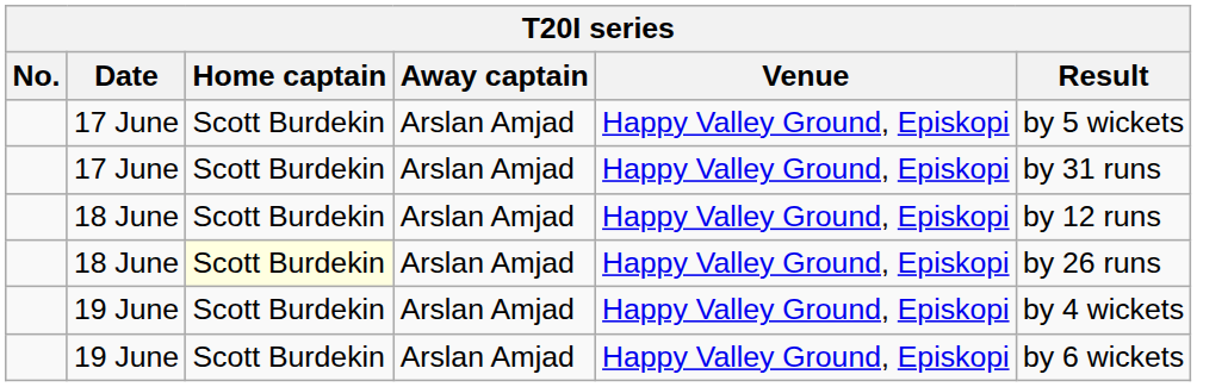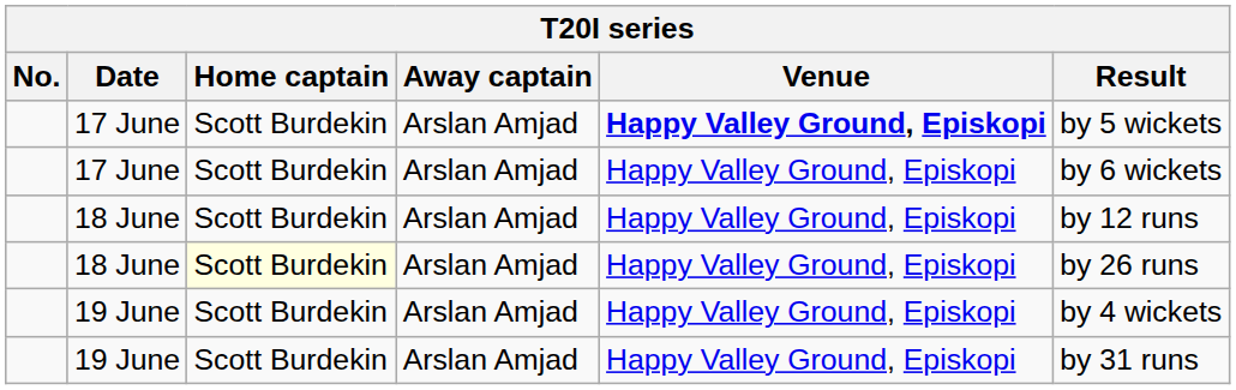 <table class="wikitable">
 <tr>
 <th colspan="9">T20I series</th>
 </tr>
 <tr>
 <th>No.</th>
 <th>Date</th>
 <th>Home captain</th>
 <th>Away captain</th>
 <th>Venue</th>
 <th>Result</th>
 </tr>
 <tr>
 <td></td>
 <td>17 June</td>
 <td>Scott Burdekin</td>
 <td>Arslan Amjad</td>
-<td><a href='#'>Happy Valley Ground</a>, <a href='#'>Episkopi</a></td>
+<td><strong><a href='#'>Happy Valley Ground</a>, <a href='#'>Episkopi</a></strong></td>
 <td> by 5 wickets</td>
 </tr>
 <tr>
 <td></td>
 <td>17 June</td>
 <td>Scott Burdekin</td>
 <td>Arslan Amjad</td>
 <td><a href='#'>Happy Valley Ground</a>, <a href='#'>Episkopi</a></td>
-<td> by 31 runs</td>
+<td> by 6 wickets</td>
 </tr>
 <tr>
 <td></td>
 <td>18 June</td>
 <td>Scott Burdekin</td>
 <td>Arslan Amjad</td>
 <td><a href='#'>Happy Valley Ground</a>, <a href='#'>Episkopi</a></td>
 <td> by 12 runs</td>
 </tr>
 <tr>
 <td></td>
 <td>18 June</td>
 <td style="background: lightyellow;">Scott Burdekin</td>
 <td>Arslan Amjad</td>
 <td><a href='#'>Happy Valley Ground</a>, <a href='#'>Episkopi</a></td>
 <td> by 26 runs</td>
 </tr>
 <tr>
 <td></td>
 <td>19 June</td>
 <td>Scott Burdekin</td>
 <td>Arslan Amjad</td>
 <td><a href='#'>Happy Valley Ground</a>, <a href='#'>Episkopi</a></td>
 <td> by 4 wickets</td>
 </tr>
 <tr>
 <td></td>
 <td>19 June</td>
 <td>Scott Burdekin</td>
 <td>Arslan Amjad</td>
 <td><a href='#'>Happy Valley Ground</a>, <a href='#'>Episkopi</a></td>
-<td> by 6 wickets</td>
+<td> by 31 runs</td>
 </tr>
 </table>
